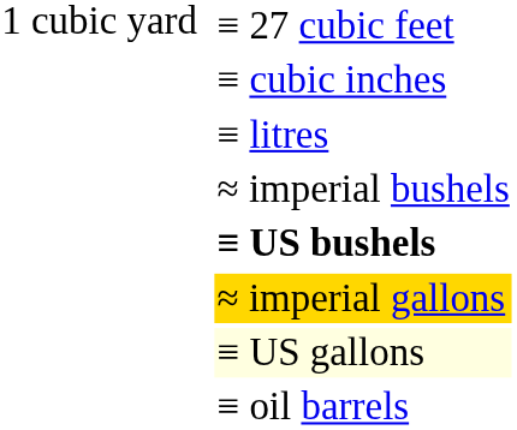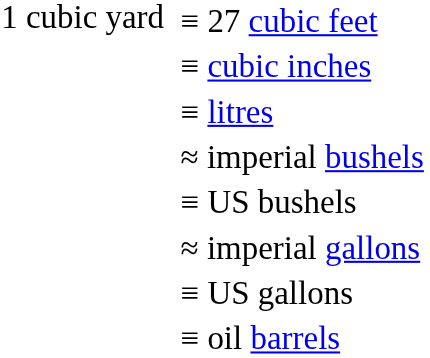 <table>
 <tr>
 <td valign=top rowspan=9>1 cubic yard </td>
 </tr>
 <tr>
 <td>≡ 27 <a href='#'>cubic feet</a></td>
 </tr>
 <tr>
 <td>≡  <a href='#'>cubic inches</a></td>
 </tr>
 <tr>
 <td>≡  <a href='#'>litres</a></td>
 </tr>
 <tr>
 <td>≈  imperial <a href='#'>bushels</a></td>
 </tr>
 <tr>
-<td><strong>≡  US bushels</strong></td>
+<td>≡  US bushels</td>
 </tr>
 <tr>
-<td style="background: gold;">≈  imperial <a href='#'>gallons</a></td>
+<td>≈  imperial <a href='#'>gallons</a></td>
 </tr>
 <tr>
-<td style="background: lightyellow;">≡  US gallons</td>
+<td>≡  US gallons</td>
 </tr>
 <tr>
 <td>≡  oil <a href='#'>barrels</a></td>
 </tr>
 </table>
